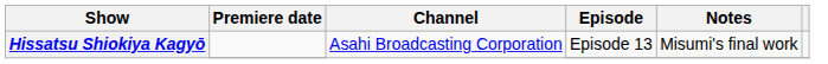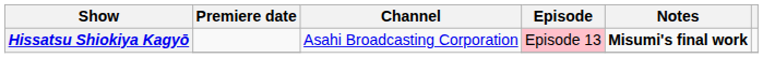 <table class="wikitable plainrowheaders sortable">
 <tr>
 <th scope="col">Show</th>
 <th scope="col">Premiere date</th>
 <th scope="col">Channel</th>
 <th scope="col">Episode</th>
 <th scope="col" class="unsortable">Notes</th>
 <th scope="col" class="unsortable"></th>
 </tr>
 <tr>
 <th rowspan="2" scope="row"><em><a href='#'>Hissatsu Shiokiya Kagyō</a></em></th>
 <td></td>
 <td rowspan="2"><a href='#'>Asahi Broadcasting Corporation</a></td>
-<td>Episode 13</td>
-<td>Misumi's final work</td>
+<td style="background: pink;">Episode 13</td>
+<td><strong>Misumi's final work</strong></td>
 <td style="text-align:center;"></td>
 </tr>
 <tr>
 </tr>
 </table>
